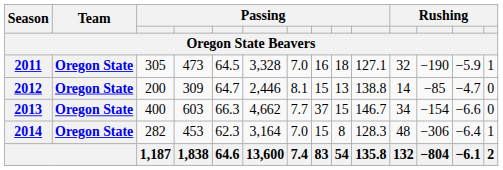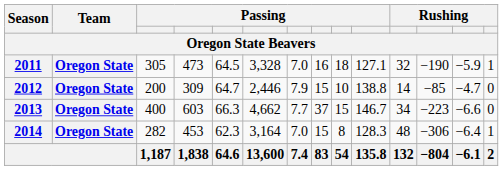 <table class="wikitable" style="text-align:center;">
 <tr>
 <th rowspan="2">Season</th>
 <th rowspan="2">Team</th>
 <th colspan="8">Passing</th>
 <th colspan="4">Rushing</th>
 </tr>
 <tr>
 <th></th>
 <th></th>
 <th></th>
 <th></th>
 <th></th>
 <th></th>
 <th></th>
 <th></th>
 <th></th>
 <th></th>
 <th></th>
 <th></th>
 </tr>
 <tr>
 <th colspan="16">Oregon State Beavers</th>
 </tr>
 <tr>
 <th><a href='#'>2011</a></th>
 <th><a href='#'>Oregon State</a></th>
 <td>305</td>
 <td>473</td>
 <td>64.5</td>
 <td>3,328</td>
 <td>7.0</td>
 <td>16</td>
 <td>18</td>
 <td>127.1</td>
 <td>32</td>
 <td>−190</td>
 <td>−5.9</td>
 <td>1</td>
 </tr>
 <tr>
 <th><a href='#'>2012</a></th>
 <th><a href='#'>Oregon State</a></th>
 <td>200</td>
 <td>309</td>
 <td>64.7</td>
 <td>2,446</td>
-<td>8.1</td>
+<td>7.9</td>
 <td>15</td>
-<td>13</td>
+<td>10</td>
 <td>138.8</td>
 <td>14</td>
 <td>−85</td>
 <td>−4.7</td>
 <td>0</td>
 </tr>
 <tr>
 <th><a href='#'>2013</a></th>
 <th><a href='#'>Oregon State</a></th>
 <td>400</td>
 <td>603</td>
 <td>66.3</td>
 <td>4,662</td>
 <td>7.7</td>
 <td>37</td>
 <td>15</td>
 <td>146.7</td>
 <td>34</td>
-<td>−154</td>
+<td>−223</td>
 <td>−6.6</td>
 <td>0</td>
 </tr>
 <tr>
 <th><a href='#'>2014</a></th>
 <th><a href='#'>Oregon State</a></th>
 <td>282</td>
 <td>453</td>
 <td>62.3</td>
 <td>3,164</td>
 <td>7.0</td>
 <td>15</td>
 <td>8</td>
 <td>128.3</td>
 <td>48</td>
 <td>−306</td>
 <td>−6.4</td>
 <td>1</td>
 </tr>
 <tr>
 <th colspan="2"></th>
 <th>1,187</th>
 <th>1,838</th>
 <th>64.6</th>
 <th>13,600</th>
 <th>7.4</th>
 <th>83</th>
 <th>54</th>
 <th>135.8</th>
 <th>132</th>
 <th>−804</th>
 <th>−6.1</th>
 <th>2</th>
 </tr>
 </table>
